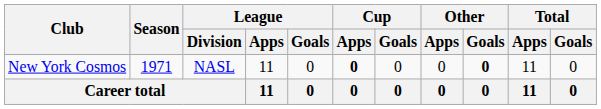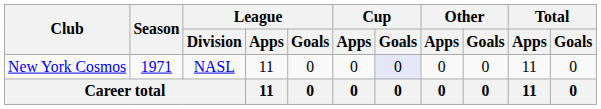 <table class="wikitable" style="text-align: center">
 <tr>
 <th rowspan="2">Club</th>
 <th rowspan="2">Season</th>
 <th colspan="3">League</th>
 <th colspan="2">Cup</th>
 <th colspan="2">Other</th>
 <th colspan="2">Total</th>
 </tr>
 <tr>
 <th>Division</th>
 <th>Apps</th>
 <th>Goals</th>
 <th>Apps</th>
 <th>Goals</th>
 <th>Apps</th>
 <th>Goals</th>
 <th>Apps</th>
 <th>Goals</th>
 </tr>
 <tr>
 <td><a href='#'>New York Cosmos</a></td>
 <td><a href='#'>1971</a></td>
 <td><a href='#'>NASL</a></td>
 <td>11</td>
 <td>0</td>
-<td><strong>0</strong></td>
+<td>0</td>
+<td style="background: lavender;">0</td>
 <td>0</td>
 <td>0</td>
-<td><strong>0</strong></td>
 <td>11</td>
 <td>0</td>
 </tr>
 <tr>
 <th colspan="3"><strong>Career total</strong></th>
 <th>11</th>
 <th>0</th>
 <th>0</th>
 <th>0</th>
 <th>0</th>
 <th>0</th>
 <th>11</th>
 <th>0</th>
 </tr>
 </table>
